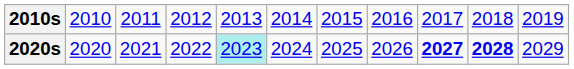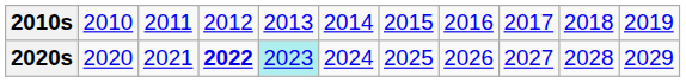 <table class="wikitable" style="text-align:center">
 <tr>
 <th>2010s</th>
 <td><a href='#'>2010</a></td>
 <td><a href='#'>2011</a></td>
 <td><a href='#'>2012</a></td>
 <td><a href='#'>2013</a></td>
 <td><a href='#'>2014</a></td>
 <td><a href='#'>2015</a></td>
 <td><a href='#'>2016</a></td>
 <td><a href='#'>2017</a></td>
 <td><a href='#'>2018</a></td>
 <td><a href='#'>2019</a></td>
 </tr>
 <tr>
 <th>2020s</th>
 <td><a href='#'>2020</a></td>
 <td><a href='#'>2021</a></td>
-<td><a href='#'>2022</a></td>
+<td><strong><a href='#'>2022</a></strong></td>
 <td style="background: paleturquoise;"><a href='#'>2023</a></td>
 <td><a href='#'>2024</a></td>
 <td><a href='#'>2025</a></td>
 <td><a href='#'>2026</a></td>
-<td><strong><a href='#'>2027</a></strong></td>
-<td><strong><a href='#'>2028</a></strong></td>
+<td><a href='#'>2027</a></td>
+<td><a href='#'>2028</a></td>
 <td><a href='#'>2029</a></td>
 </tr>
 </table>
